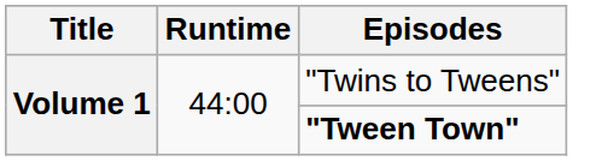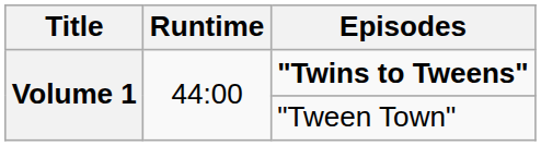 <table class="wikitable">
 <tr>
 <th>Title</th>
 <th>Runtime</th>
 <th colspan="3">Episodes</th>
 </tr>
 <tr>
 <th rowspan="2">Volume 1</th>
 <td rowspan="2" style="text-align: center;">44:00</td>
-<td>"Twins to Tweens"</td>
+<td><strong>"Twins to Tweens"</strong></td>
 </tr>
 <tr>
-<td><strong>"Tween Town"</strong></td>
+<td>"Tween Town"</td>
 </tr>
 </table>
